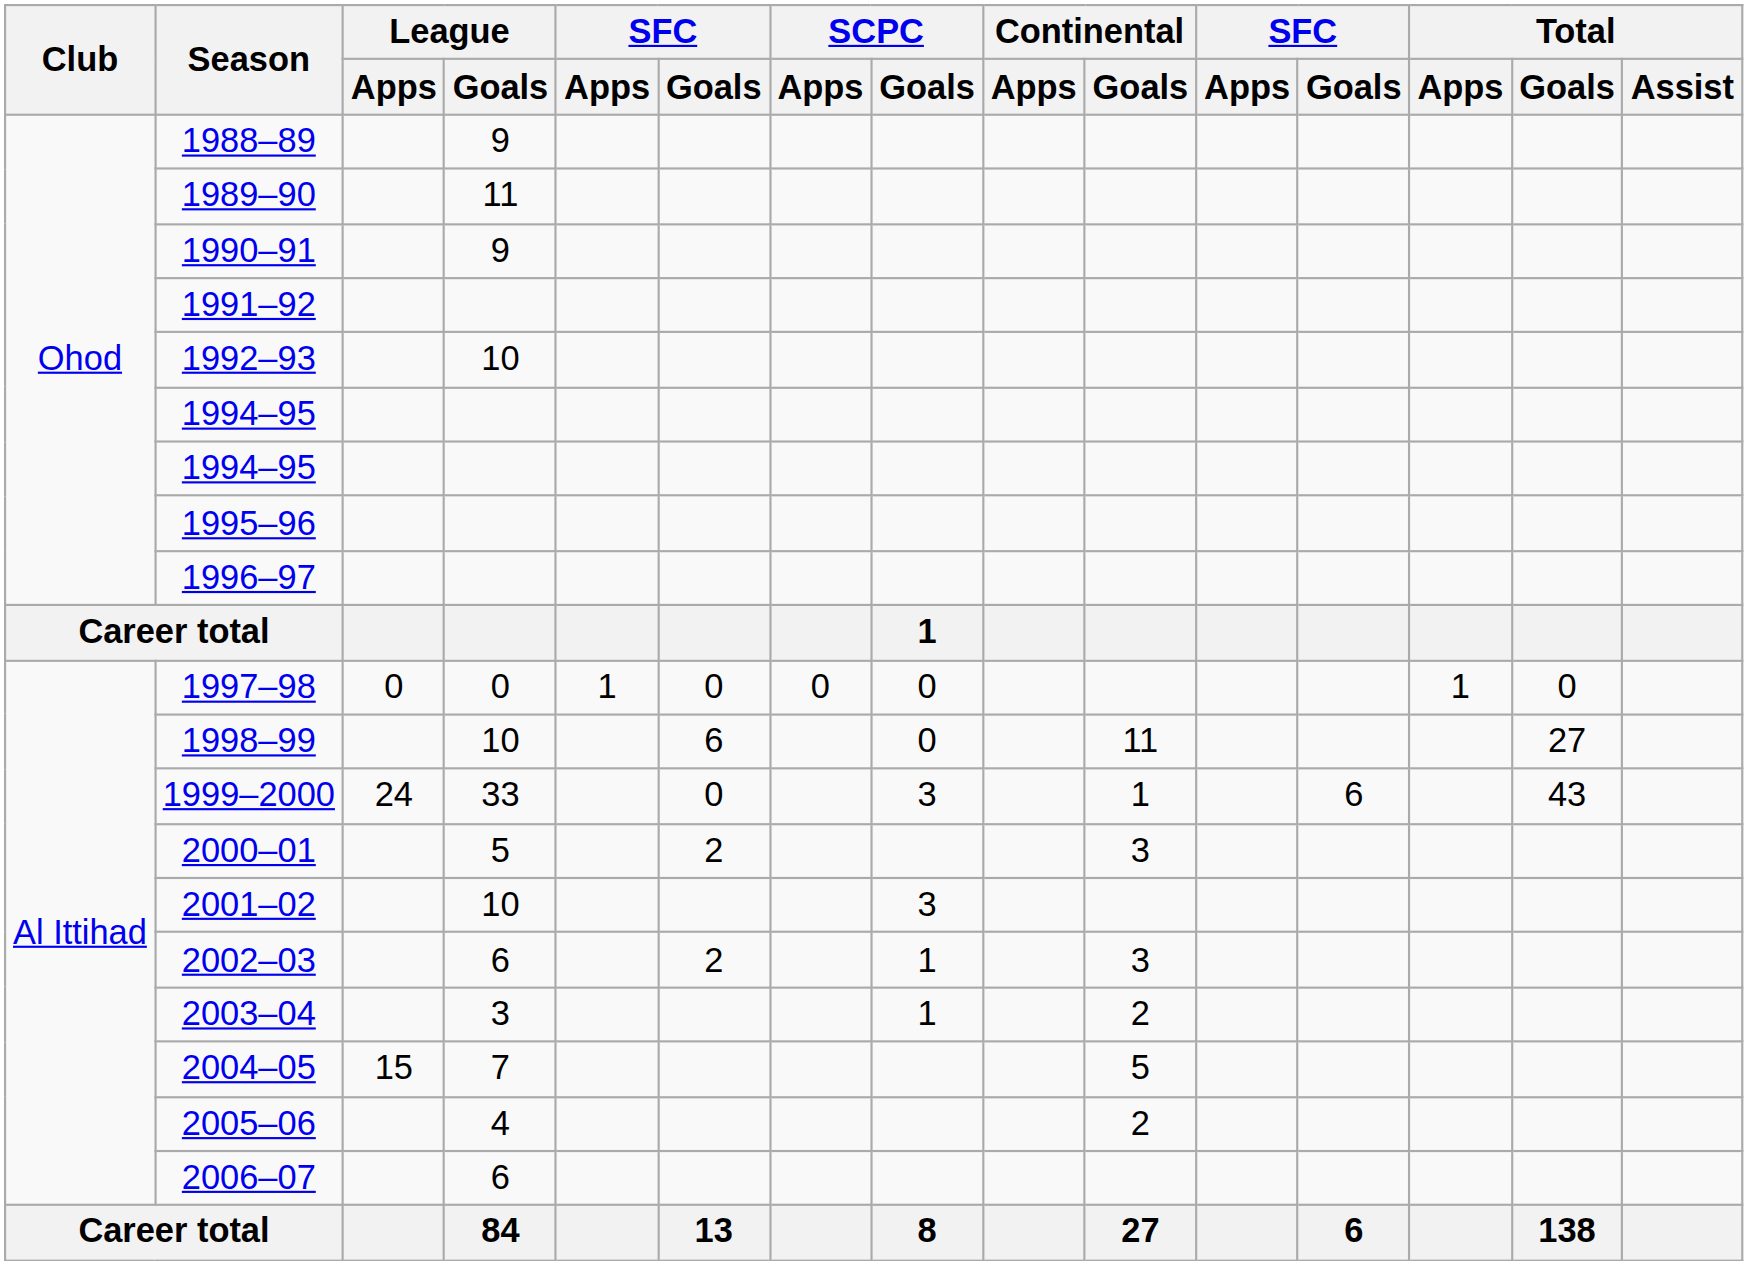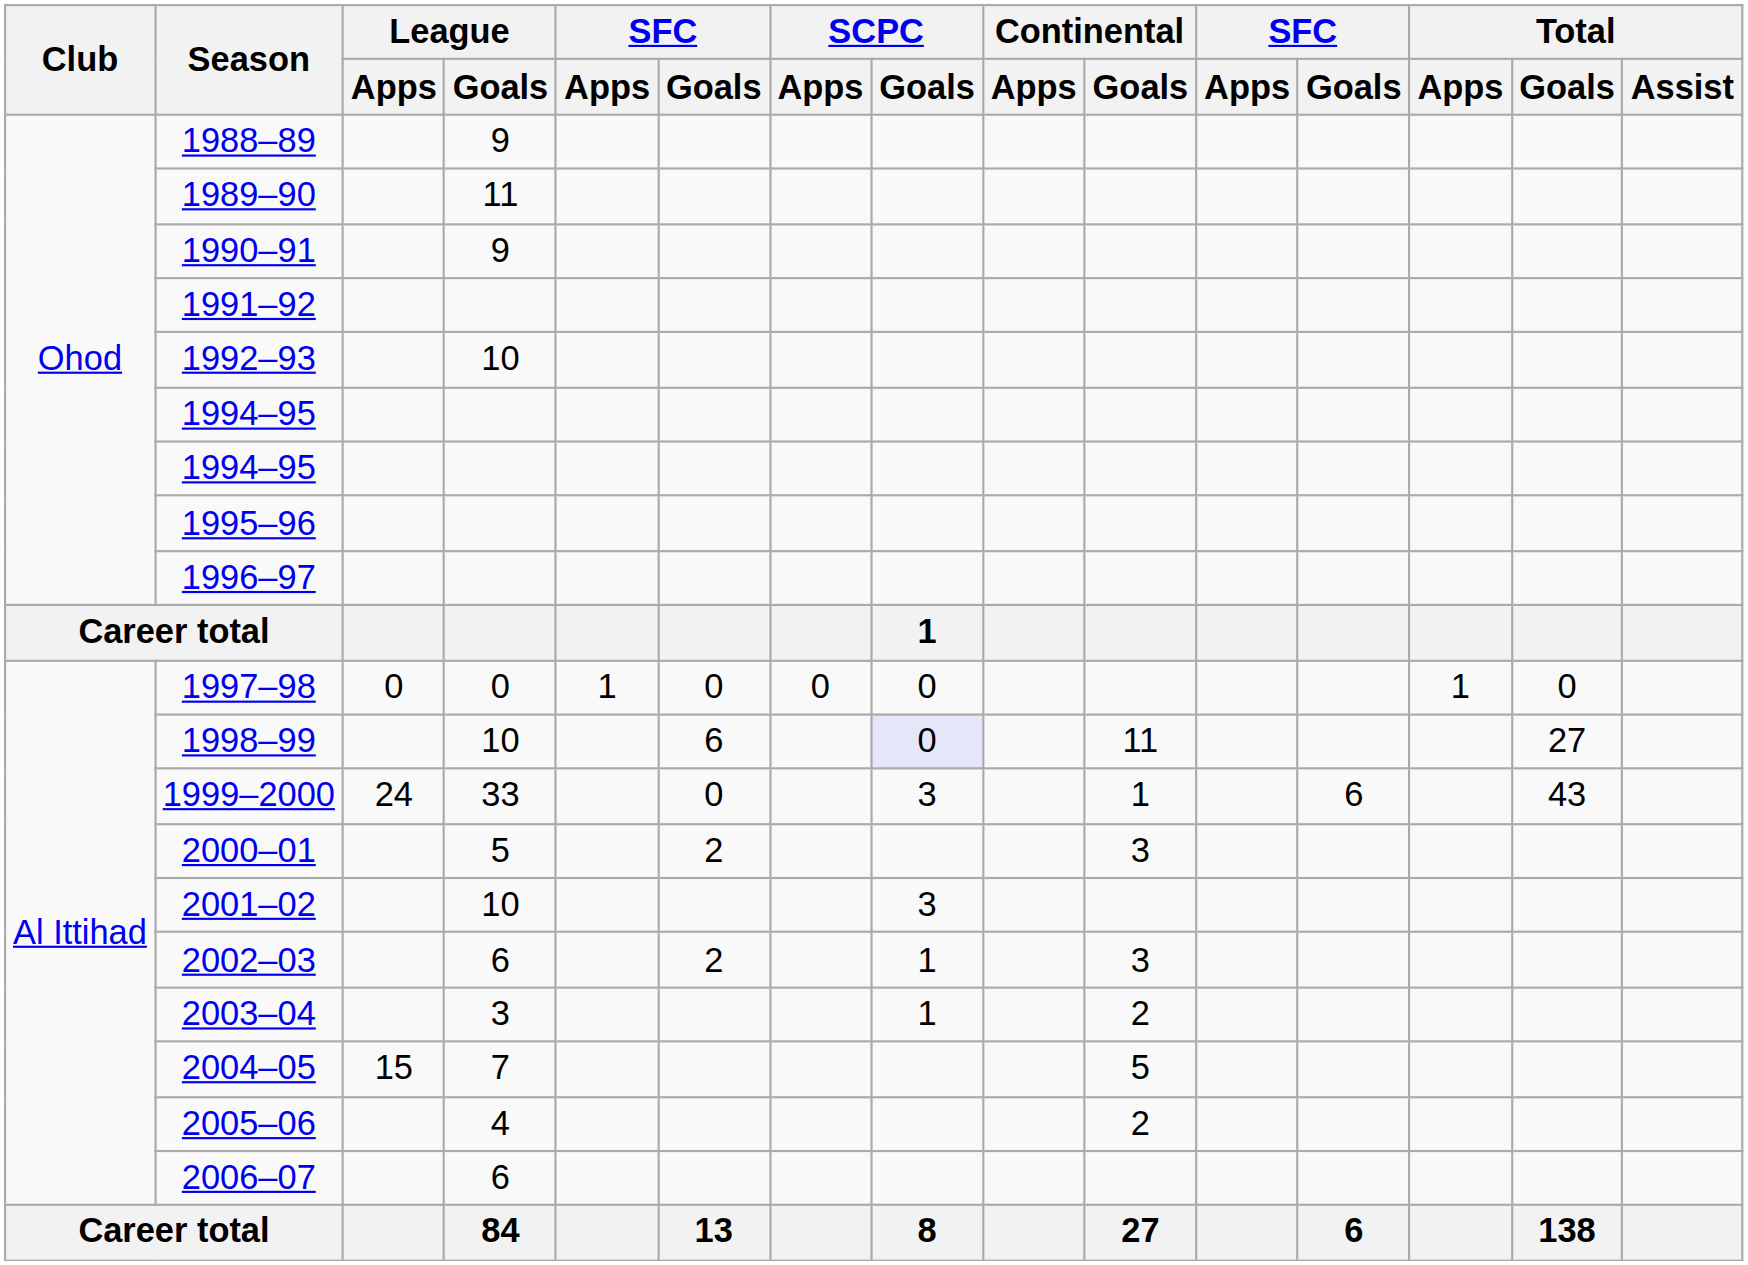 <table class="wikitable" style="text-align: center">
 <tr>
 <th rowspan="2">Club</th>
 <th rowspan="2">Season</th>
 <th colspan="2">League</th>
 <th colspan="2"><a href='#'>SFC</a></th>
 <th colspan="2"><a href='#'>SCPC</a></th>
 <th colspan="2">Continental</th>
 <th colspan="2"><a href='#'>SFC</a></th>
 <th colspan="3">Total</th>
 </tr>
 <tr>
 <th>Apps</th>
 <th>Goals</th>
 <th>Apps</th>
 <th>Goals</th>
 <th>Apps</th>
 <th>Goals</th>
 <th>Apps</th>
 <th>Goals</th>
 <th>Apps</th>
 <th>Goals</th>
 <th>Apps</th>
 <th>Goals</th>
 <th>Assist</th>
 </tr>
 <tr>
 <td rowspan="9"><a href='#'>Ohod</a></td>
 <td><a href='#'>1988–89</a></td>
 <td></td>
 <td>9</td>
 <td></td>
 <td></td>
 <td></td>
 <td></td>
 <td></td>
 <td></td>
 <td></td>
 <td></td>
 <td></td>
 <td></td>
 <td></td>
 </tr>
 <tr>
 <td><a href='#'>1989–90</a></td>
 <td></td>
 <td>11</td>
 <td></td>
 <td></td>
 <td></td>
 <td></td>
 <td></td>
 <td></td>
 <td></td>
 <td></td>
 <td></td>
 <td></td>
 <td></td>
 </tr>
 <tr>
 <td><a href='#'>1990–91</a></td>
 <td></td>
 <td>9</td>
 <td></td>
 <td></td>
 <td></td>
 <td></td>
 <td></td>
 <td></td>
 <td></td>
 <td></td>
 <td></td>
 <td></td>
 <td></td>
 </tr>
 <tr>
 <td><a href='#'>1991–92</a></td>
 <td></td>
 <td></td>
 <td></td>
 <td></td>
 <td></td>
 <td></td>
 <td></td>
 <td></td>
 <td></td>
 <td></td>
 <td></td>
 <td></td>
 <td></td>
 </tr>
 <tr>
 <td><a href='#'>1992–93</a></td>
 <td></td>
 <td>10</td>
 <td></td>
 <td></td>
 <td></td>
 <td></td>
 <td></td>
 <td></td>
 <td></td>
 <td></td>
 <td></td>
 <td></td>
 <td></td>
 </tr>
 <tr>
 <td><a href='#'>1994–95</a></td>
 <td></td>
 <td></td>
 <td></td>
 <td></td>
 <td></td>
 <td></td>
 <td></td>
 <td></td>
 <td></td>
 <td></td>
 <td></td>
 <td></td>
 <td></td>
 </tr>
 <tr>
 <td><a href='#'>1994–95</a></td>
 <td></td>
 <td></td>
 <td></td>
 <td></td>
 <td></td>
 <td></td>
 <td></td>
 <td></td>
 <td></td>
 <td></td>
 <td></td>
 <td></td>
 <td></td>
 </tr>
 <tr>
 <td><a href='#'>1995–96</a></td>
 <td></td>
 <td></td>
 <td></td>
 <td></td>
 <td></td>
 <td></td>
 <td></td>
 <td></td>
 <td></td>
 <td></td>
 <td></td>
 <td></td>
 <td></td>
 </tr>
 <tr>
 <td><a href='#'>1996–97</a></td>
 <td></td>
 <td></td>
 <td></td>
 <td></td>
 <td></td>
 <td></td>
 <td></td>
 <td></td>
 <td></td>
 <td></td>
 <td></td>
 <td></td>
 <td></td>
 </tr>
 <tr>
 <th colspan="2">Career total</th>
 <th></th>
 <th></th>
 <th></th>
 <th></th>
 <th></th>
 <th>1</th>
 <th></th>
 <th></th>
 <th></th>
 <th></th>
 <th></th>
 <th></th>
 <th></th>
 </tr>
 <tr>
 <td rowspan="10"><a href='#'>Al Ittihad</a></td>
 <td><a href='#'>1997–98</a></td>
 <td>0</td>
 <td>0</td>
 <td>1</td>
 <td>0</td>
 <td>0</td>
 <td>0</td>
 <td></td>
 <td></td>
 <td></td>
 <td></td>
 <td>1</td>
 <td>0</td>
 <td></td>
 </tr>
 <tr>
 <td><a href='#'>1998–99</a></td>
 <td></td>
 <td>10</td>
 <td></td>
 <td>6</td>
 <td></td>
-<td>0</td>
+<td style="background: lavender;">0</td>
 <td></td>
 <td>11 </td>
 <td></td>
 <td></td>
 <td></td>
 <td>27</td>
 <td></td>
 </tr>
 <tr>
 <td><a href='#'>1999–2000</a></td>
 <td>24</td>
 <td>33</td>
 <td></td>
 <td>0</td>
 <td></td>
 <td>3</td>
 <td></td>
 <td>1</td>
 <td></td>
 <td>6</td>
 <td></td>
 <td>43</td>
 <td></td>
 </tr>
 <tr>
 <td><a href='#'>2000–01</a></td>
 <td></td>
 <td>5</td>
 <td></td>
 <td>2</td>
 <td></td>
 <td></td>
 <td></td>
 <td>3</td>
 <td></td>
 <td></td>
 <td></td>
 <td></td>
 <td></td>
 </tr>
 <tr>
 <td><a href='#'>2001–02</a></td>
 <td></td>
 <td>10</td>
 <td></td>
 <td></td>
 <td></td>
 <td>3</td>
 <td></td>
 <td></td>
 <td></td>
 <td></td>
 <td></td>
 <td></td>
 <td></td>
 </tr>
 <tr>
 <td><a href='#'>2002–03</a></td>
 <td></td>
 <td>6</td>
 <td></td>
 <td>2</td>
 <td></td>
 <td>1</td>
 <td></td>
 <td>3  </td>
 <td></td>
 <td></td>
 <td></td>
 <td></td>
 <td></td>
 </tr>
 <tr>
 <td><a href='#'>2003–04</a></td>
 <td></td>
 <td>3</td>
 <td></td>
 <td></td>
 <td></td>
 <td>1</td>
 <td></td>
 <td>2</td>
 <td></td>
 <td></td>
 <td></td>
 <td></td>
 <td></td>
 </tr>
 <tr>
 <td><a href='#'>2004–05</a></td>
 <td>15</td>
 <td>7</td>
 <td></td>
 <td></td>
 <td></td>
 <td></td>
 <td></td>
 <td>5</td>
 <td></td>
 <td></td>
 <td></td>
 <td></td>
 <td></td>
 </tr>
 <tr>
 <td><a href='#'>2005–06</a></td>
 <td></td>
 <td>4</td>
 <td></td>
 <td></td>
 <td></td>
 <td></td>
 <td></td>
 <td>2</td>
 <td></td>
 <td></td>
 <td></td>
 <td></td>
 <td></td>
 </tr>
 <tr>
 <td><a href='#'>2006–07</a></td>
 <td></td>
 <td>6</td>
 <td></td>
 <td></td>
 <td></td>
 <td></td>
 <td></td>
 <td></td>
 <td></td>
 <td></td>
 <td></td>
 <td></td>
 <td></td>
 </tr>
 <tr>
 <th colspan="2">Career total</th>
 <th></th>
 <th>84</th>
 <th></th>
 <th>13</th>
 <th></th>
 <th>8</th>
 <th></th>
 <th>27</th>
 <th></th>
 <th>6</th>
 <th></th>
 <th>138</th>
 <th></th>
 </tr>
 </table>
